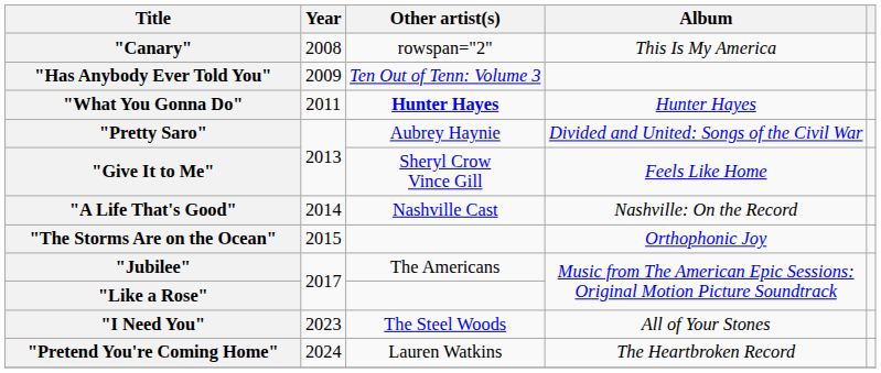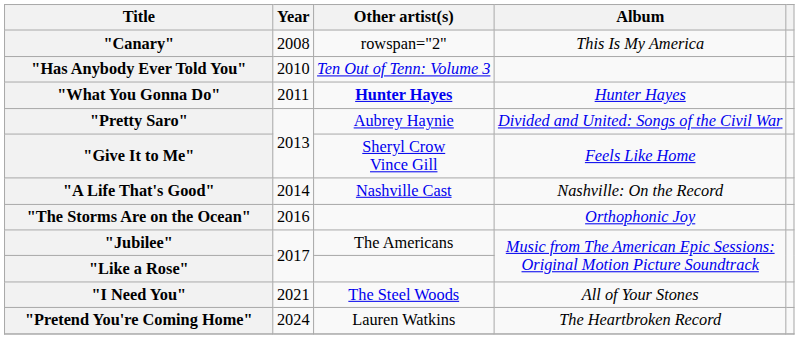 <table class="wikitable plainrowheaders" style="text-align:center;" border="1">
 <tr>
 <th scope="col" style="width:16em;">Title</th>
 <th scope="col">Year</th>
 <th scope="col">Other artist(s)</th>
 <th scope="col">Album</th>
 <th scope="col"></th>
 </tr>
 <tr>
 <th scope="row">"Canary"</th>
 <td>2008</td>
 <td>rowspan="2" </td>
 <td><em>This Is My America</em></td>
 <td align="center"></td>
 </tr>
 <tr>
 <th scope="row">"Has Anybody Ever Told You"</th>
-<td>2009</td>
+<td>2010</td>
 <td><em><a href='#'>Ten Out of Tenn: Volume 3</a></em></td>
 <td align="center"></td>
 </tr>
 <tr>
 <th scope="row">"What You Gonna Do"</th>
 <td>2011</td>
 <td><strong><a href='#'>Hunter Hayes</a></strong></td>
 <td><em><a href='#'>Hunter Hayes</a></em></td>
 <td align="center"></td>
 </tr>
 <tr>
 <th scope="row">"Pretty Saro"</th>
 <td rowspan="2">2013</td>
 <td><a href='#'>Aubrey Haynie</a></td>
 <td><em><a href='#'>Divided and United: Songs of the Civil War</a></em></td>
 <td align="center"></td>
 </tr>
 <tr>
 <th scope="row">"Give It to Me"</th>
 <td><a href='#'>Sheryl Crow</a><br><a href='#'>Vince Gill</a></td>
 <td><em><a href='#'>Feels Like Home</a></em></td>
 <td align="center"></td>
 </tr>
 <tr>
 <th scope="row">"A Life That's Good"</th>
 <td>2014</td>
 <td><a href='#'>Nashville Cast</a></td>
 <td><em>Nashville: On the Record</em></td>
 <td align="center"></td>
 </tr>
 <tr>
 <th scope="row">"The Storms Are on the Ocean"</th>
-<td>2015</td>
+<td>2016</td>
 <td></td>
 <td><em><a href='#'>Orthophonic Joy</a></em></td>
 <td align="center"></td>
 </tr>
 <tr>
 <th scope="row">"Jubilee"</th>
 <td rowspan="2">2017</td>
 <td>The Americans</td>
 <td rowspan="2"><em><a href='#'>Music from The American Epic Sessions:<br>Original Motion Picture Soundtrack</a></em></td>
 <td align="center" rowspan="2"></td>
 </tr>
 <tr>
 <th scope="row">"Like a Rose"</th>
 <td></td>
 </tr>
 <tr>
 <th scope="row">"I Need You"</th>
-<td>2023</td>
+<td>2021</td>
 <td><a href='#'>The Steel Woods</a></td>
 <td><em>All of Your Stones</em></td>
 <td align="center"></td>
 </tr>
 <tr>
 <th scope="row">"Pretend You're Coming Home"</th>
 <td>2024</td>
 <td>Lauren Watkins</td>
 <td><em>The Heartbroken Record</em></td>
 <td align="center"></td>
 </tr>
 <tr>
 </tr>
 </table>
